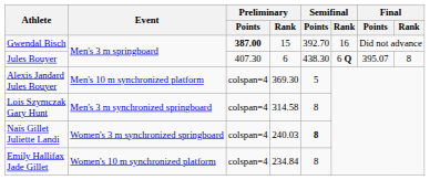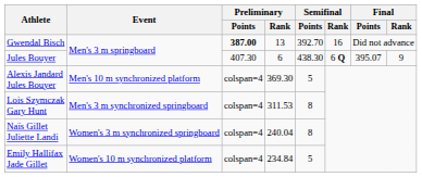 <table class=wikitable style="font-size:90%">
 <tr>
 <th rowspan="2">Athlete</th>
 <th rowspan="2">Event</th>
 <th colspan="2">Preliminary</th>
 <th colspan="2">Semifinal</th>
 <th colspan="2">Final</th>
 </tr>
 <tr style="font-size:95%">
 <th>Points</th>
 <th>Rank</th>
 <th>Points</th>
 <th>Rank</th>
 <th>Points</th>
 <th>Rank</th>
 </tr>
 <tr align=center>
 <td align=left><a href='#'>Gwendal Bisch</a></td>
 <td align=left rowspan=2><a href='#'>Men's 3 m springboard</a></td>
 <td><strong>387.00</strong></td>
-<td>15</td>
+<td>13</td>
 <td>392.70</td>
 <td>16</td>
 <td colspan="2">Did not advance</td>
 </tr>
 <tr align=center>
 <td align=left><a href='#'>Jules Bouyer</a></td>
 <td>407.30</td>
 <td>6</td>
 <td>438.30</td>
 <td>6 <strong>Q</strong></td>
 <td>395.07</td>
-<td>8</td>
+<td>9</td>
 </tr>
 <tr align=center>
 <td align=left><a href='#'>Alexis Jandard</a> <br> <a href='#'>Jules Bouyer</a></td>
 <td align=left><a href='#'>Men's 10 m synchronized platform</a></td>
 <td>colspan=4 </td>
 <td>369.30</td>
 <td>5</td>
 </tr>
 <tr align=center>
 <td align=left><a href='#'>Lois Szymczak</a> <br> <a href='#'>Gary Hunt</a></td>
 <td align=left><a href='#'>Men's 3 m synchronized springboard</a></td>
 <td>colspan=4 </td>
-<td>314.58</td>
+<td>311.53</td>
 <td>8</td>
 </tr>
 <tr align=center>
 <td align=left><a href='#'>Naïs Gillet</a> <br> <a href='#'>Juliette Landi</a></td>
 <td align=left><a href='#'>Women's 3 m synchronized springboard</a></td>
 <td>colspan=4 </td>
-<td>240.03</td>
-<td><strong>8</strong></td>
+<td>240.04</td>
+<td>8</td>
 </tr>
 <tr align=center>
 <td align=left><a href='#'>Emily Hallifax</a><br><a href='#'>Jade Gillet</a></td>
 <td align=left><a href='#'>Women's 10 m synchronized platform</a></td>
 <td>colspan=4 </td>
 <td>234.84</td>
-<td>8</td>
+<td>5</td>
 </tr>
 </table>
